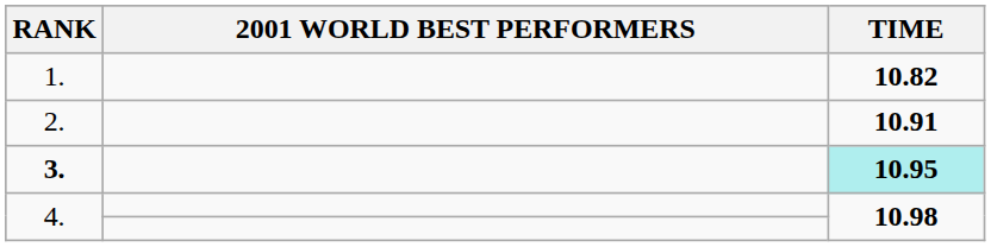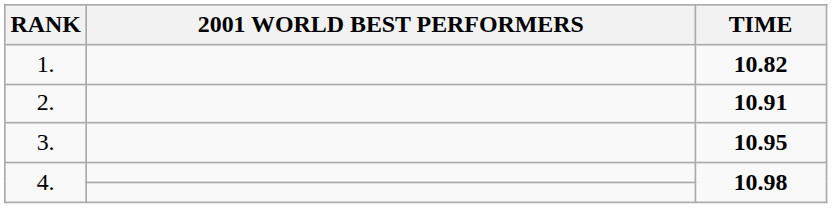 <table class="wikitable" style="border-collapse: collapse; font-size: 90%;">
 <tr>
 <th>RANK</th>
 <th align="center" style="width: 25em">2001 WORLD BEST PERFORMERS</th>
 <th align="center" style="width: 5em">TIME</th>
 </tr>
 <tr>
 <td align="center">1.</td>
 <td></td>
 <td align="center"><strong>10.82</strong></td>
 </tr>
 <tr>
 <td align="center">2.</td>
 <td></td>
 <td align="center"><strong>10.91</strong></td>
 </tr>
 <tr>
-<td align="center"><strong>3.</strong></td>
+<td align="center">3.</td>
 <td></td>
-<td align="center" style="background: paleturquoise;"><strong>10.95</strong></td>
+<td align="center"><strong>10.95</strong></td>
 </tr>
 <tr>
 <td rowspan=2 align="center">4.</td>
 <td></td>
 <td rowspan=2 align="center"><strong>10.98</strong></td>
 </tr>
 <tr>
 <td></td>
 </tr>
 </table>
